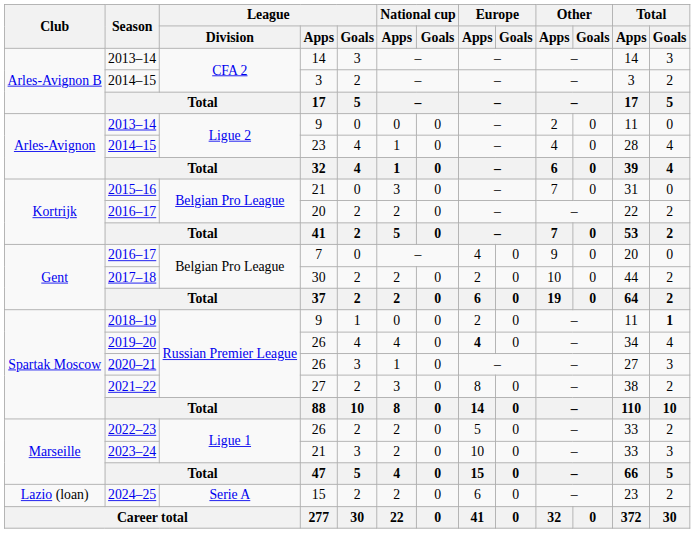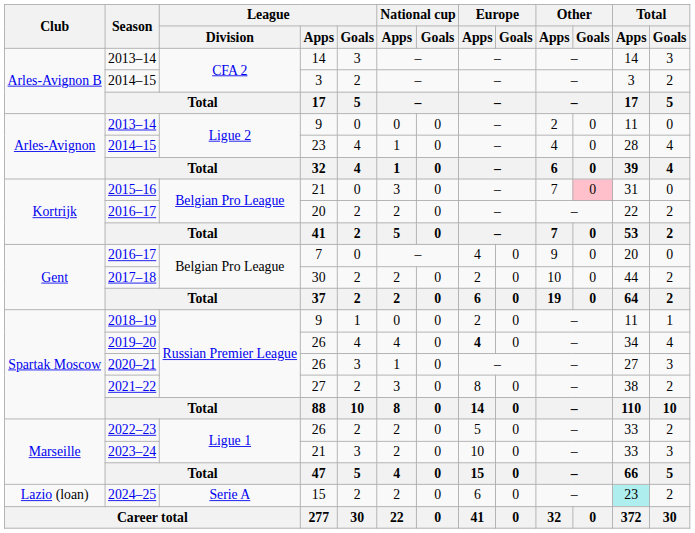 <table class="wikitable" style="text-align: center;">
 <tr>
 <th rowspan=2>Club</th>
 <th rowspan=2>Season</th>
 <th colspan=3>League</th>
 <th colspan=2>National cup</th>
 <th colspan=2>Europe</th>
 <th colspan=2>Other</th>
 <th colspan=2>Total</th>
 </tr>
 <tr>
 <th>Division</th>
 <th>Apps</th>
 <th>Goals</th>
 <th>Apps</th>
 <th>Goals</th>
 <th>Apps</th>
 <th>Goals</th>
 <th>Apps</th>
 <th>Goals</th>
 <th>Apps</th>
 <th>Goals</th>
 </tr>
 <tr>
 <td rowspan=3><a href='#'>Arles-Avignon B</a></td>
 <td>2013–14</td>
 <td rowspan=2><a href='#'>CFA 2</a></td>
 <td>14</td>
 <td>3</td>
 <td colspan=2>–</td>
 <td colspan=2>–</td>
 <td colspan=2>–</td>
 <td>14</td>
 <td>3</td>
 </tr>
 <tr>
 <td>2014–15</td>
 <td>3</td>
 <td>2</td>
 <td colspan=2>–</td>
 <td colspan=2>–</td>
 <td colspan=2>–</td>
 <td>3</td>
 <td>2</td>
 </tr>
 <tr>
 <th colspan=2>Total</th>
 <th>17</th>
 <th>5</th>
 <th colspan=2>–</th>
 <th colspan=2>–</th>
 <th colspan=2>–</th>
 <th>17</th>
 <th>5</th>
 </tr>
 <tr>
 <td rowspan=3><a href='#'>Arles-Avignon</a></td>
 <td><a href='#'>2013–14</a></td>
 <td rowspan=2><a href='#'>Ligue 2</a></td>
 <td>9</td>
 <td>0</td>
 <td>0</td>
 <td>0</td>
 <td colspan=2>–</td>
 <td>2</td>
 <td>0</td>
 <td>11</td>
 <td>0</td>
 </tr>
 <tr>
 <td><a href='#'>2014–15</a></td>
 <td>23</td>
 <td>4</td>
 <td>1</td>
 <td>0</td>
 <td colspan=2>–</td>
 <td>4</td>
 <td>0</td>
 <td>28</td>
 <td>4</td>
 </tr>
 <tr>
 <th colspan=2>Total</th>
 <th>32</th>
 <th>4</th>
 <th>1</th>
 <th>0</th>
 <th colspan=2>–</th>
 <th>6</th>
 <th>0</th>
 <th>39</th>
 <th>4</th>
 </tr>
 <tr>
 <td rowspan=3><a href='#'>Kortrijk</a></td>
 <td><a href='#'>2015–16</a></td>
 <td rowspan=2><a href='#'>Belgian Pro League</a></td>
 <td>21</td>
 <td>0</td>
 <td>3</td>
 <td>0</td>
 <td colspan=2>–</td>
 <td>7</td>
-<td>0</td>
+<td style="background: pink;">0</td>
 <td>31</td>
 <td>0</td>
 </tr>
 <tr>
 <td><a href='#'>2016–17</a></td>
 <td>20</td>
 <td>2</td>
 <td>2</td>
 <td>0</td>
 <td colspan=2>–</td>
 <td colspan=2>–</td>
 <td>22</td>
 <td>2</td>
 </tr>
 <tr>
 <th colspan=2>Total</th>
 <th>41</th>
 <th>2</th>
 <th>5</th>
 <th>0</th>
 <th colspan=2>–</th>
 <th>7</th>
 <th>0</th>
 <th>53</th>
 <th>2</th>
 </tr>
 <tr>
 <td rowspan=3><a href='#'>Gent</a></td>
 <td><a href='#'>2016–17</a></td>
 <td rowspan=2>Belgian Pro League</td>
 <td>7</td>
 <td>0</td>
 <td colspan=2>–</td>
 <td>4</td>
 <td>0</td>
 <td>9</td>
 <td>0</td>
 <td>20</td>
 <td>0</td>
 </tr>
 <tr>
 <td><a href='#'>2017–18</a></td>
 <td>30</td>
 <td>2</td>
 <td>2</td>
 <td>0</td>
 <td>2</td>
 <td>0</td>
 <td>10</td>
 <td>0</td>
 <td>44</td>
 <td>2</td>
 </tr>
 <tr>
 <th colspan=2>Total</th>
 <th>37</th>
 <th>2</th>
 <th>2</th>
 <th>0</th>
 <th>6</th>
 <th>0</th>
 <th>19</th>
 <th>0</th>
 <th>64</th>
 <th>2</th>
 </tr>
 <tr>
 <td rowspan=5><a href='#'>Spartak Moscow</a></td>
 <td><a href='#'>2018–19</a></td>
 <td rowspan=4><a href='#'>Russian Premier League</a></td>
 <td>9</td>
 <td>1</td>
 <td>0</td>
 <td>0</td>
 <td>2</td>
 <td>0</td>
 <td colspan=2>–</td>
 <td>11</td>
-<td><strong>1</strong></td>
+<td>1</td>
 </tr>
 <tr>
 <td><a href='#'>2019–20</a></td>
 <td>26</td>
 <td>4</td>
 <td>4</td>
 <td>0</td>
 <td><strong>4</strong></td>
 <td>0</td>
 <td colspan=2>–</td>
 <td>34</td>
 <td>4</td>
 </tr>
 <tr>
 <td><a href='#'>2020–21</a></td>
 <td>26</td>
 <td>3</td>
 <td>1</td>
 <td>0</td>
 <td colspan=2>–</td>
 <td colspan=2>–</td>
 <td>27</td>
 <td>3</td>
 </tr>
 <tr>
 <td><a href='#'>2021–22</a></td>
 <td>27</td>
 <td>2</td>
 <td>3</td>
 <td>0</td>
 <td>8</td>
 <td>0</td>
 <td colspan=2>–</td>
 <td>38</td>
 <td>2</td>
 </tr>
 <tr>
 <th colspan=2>Total</th>
 <th>88</th>
 <th>10</th>
 <th>8</th>
 <th>0</th>
 <th>14</th>
 <th>0</th>
 <th colspan=2>–</th>
 <th>110</th>
 <th>10</th>
 </tr>
 <tr>
 <td rowspan=3><a href='#'>Marseille</a></td>
 <td><a href='#'>2022–23</a></td>
 <td rowspan=2><a href='#'>Ligue 1</a></td>
 <td>26</td>
 <td>2</td>
 <td>2</td>
 <td>0</td>
 <td>5</td>
 <td>0</td>
 <td colspan=2>–</td>
 <td>33</td>
 <td>2</td>
 </tr>
 <tr>
 <td><a href='#'>2023–24</a></td>
 <td>21</td>
 <td>3</td>
 <td>2</td>
 <td>0</td>
 <td>10</td>
 <td>0</td>
 <td colspan=2>–</td>
 <td>33</td>
 <td>3</td>
 </tr>
 <tr>
 <th colspan=2>Total</th>
 <th>47</th>
 <th>5</th>
 <th>4</th>
 <th>0</th>
 <th>15</th>
 <th>0</th>
 <th colspan=2>–</th>
 <th>66</th>
 <th>5</th>
 </tr>
 <tr>
 <td><a href='#'>Lazio</a> (loan)</td>
 <td><a href='#'>2024–25</a></td>
 <td><a href='#'>Serie A</a></td>
 <td>15</td>
 <td>2</td>
 <td>2</td>
 <td>0</td>
 <td>6</td>
 <td>0</td>
 <td colspan=2>–</td>
-<td>23</td>
+<td style="background: paleturquoise;">23</td>
 <td>2</td>
 </tr>
 <tr>
 <th colspan=3>Career total</th>
 <th>277</th>
 <th>30</th>
 <th>22</th>
 <th>0</th>
 <th>41</th>
 <th>0</th>
 <th>32</th>
 <th>0</th>
 <th>372</th>
 <th>30</th>
 </tr>
 </table>
